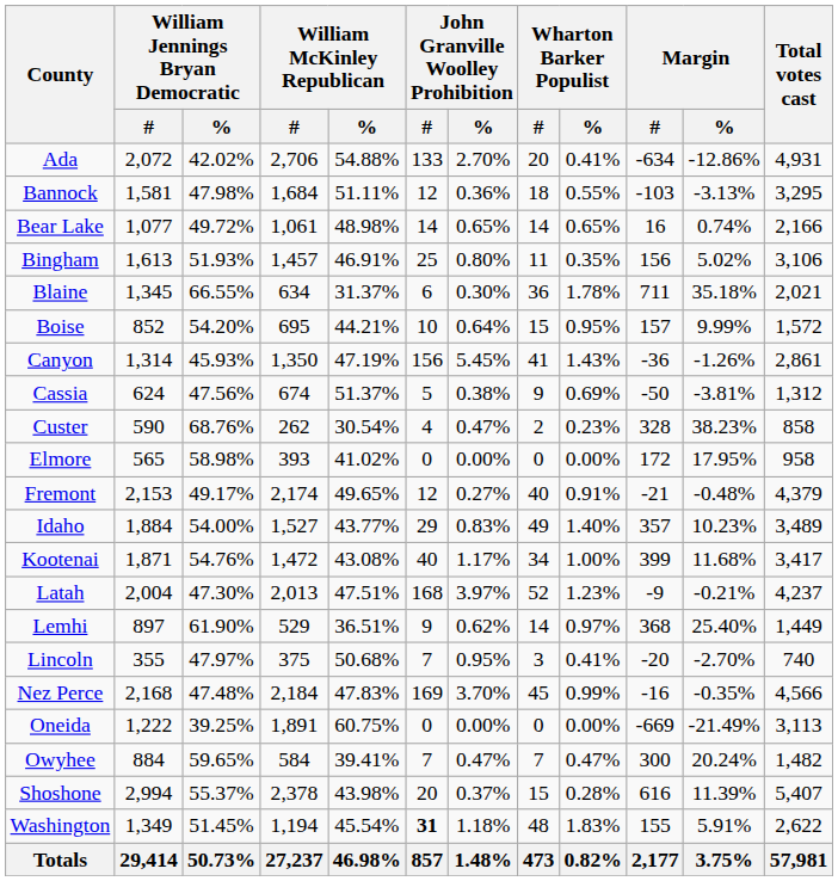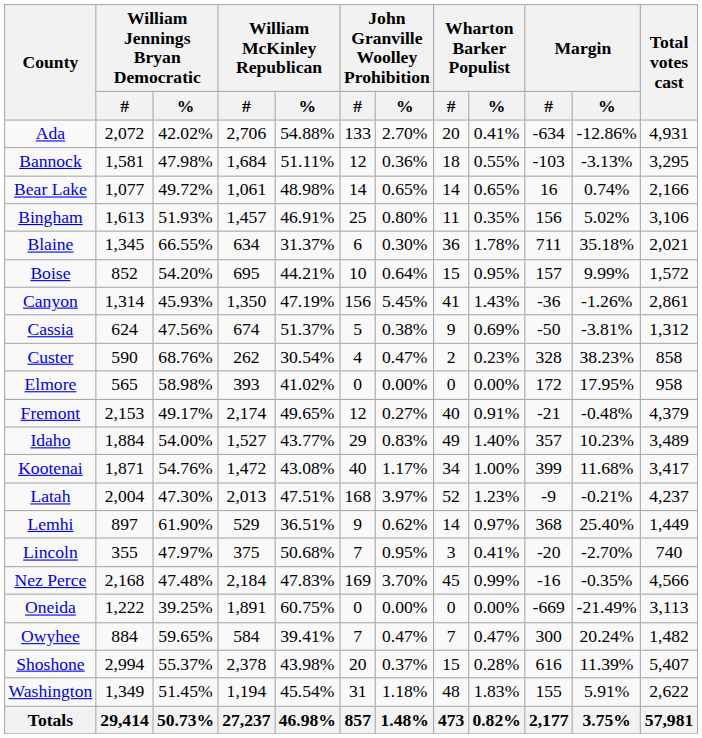 <table width="65%"  class="wikitable sortable" style="text-align:center">
 <tr>
 <th style="text-align:center;" rowspan="2">County</th>
 <th style="text-align:center;" colspan="2">William Jennings Bryan<br>Democratic</th>
 <th style="text-align:center;" colspan="2">William McKinley<br>Republican</th>
 <th style="text-align:center;" colspan="2">John Granville Woolley<br>Prohibition</th>
 <th style="text-align:center;" colspan="2">Wharton Barker<br>Populist</th>
 <th style="text-align:center;" colspan="2">Margin</th>
 <th style="text-align:center;" rowspan="2">Total votes cast</th>
 </tr>
 <tr>
 <th style="text-align:center;" data-sort-type="number">#</th>
 <th style="text-align:center;" data-sort-type="number">%</th>
 <th style="text-align:center;" data-sort-type="number">#</th>
 <th style="text-align:center;" data-sort-type="number">%</th>
 <th style="text-align:center;" data-sort-type="number">#</th>
 <th style="text-align:center;" data-sort-type="number">%</th>
 <th style="text-align:center;" data-sort-type="number">#</th>
 <th style="text-align:center;" data-sort-type="number">%</th>
 <th style="text-align:center;" data-sort-type="number">#</th>
 <th style="text-align:center;" data-sort-type="number">%</th>
 </tr>
 <tr style="text-align:center;">
 <td><a href='#'>Ada</a></td>
 <td>2,072</td>
 <td>42.02%</td>
 <td>2,706</td>
 <td>54.88%</td>
 <td>133</td>
 <td>2.70%</td>
 <td>20</td>
 <td>0.41%</td>
 <td>-634</td>
 <td>-12.86%</td>
 <td>4,931</td>
 </tr>
 <tr style="text-align:center;">
 <td><a href='#'>Bannock</a></td>
 <td>1,581</td>
 <td>47.98%</td>
 <td>1,684</td>
 <td>51.11%</td>
 <td>12</td>
 <td>0.36%</td>
 <td>18</td>
 <td>0.55%</td>
 <td>-103</td>
 <td>-3.13%</td>
 <td>3,295</td>
 </tr>
 <tr style="text-align:center;">
 <td><a href='#'>Bear Lake</a></td>
 <td>1,077</td>
 <td>49.72%</td>
 <td>1,061</td>
 <td>48.98%</td>
 <td>14</td>
 <td>0.65%</td>
 <td>14</td>
 <td>0.65%</td>
 <td>16</td>
 <td>0.74%</td>
 <td>2,166</td>
 </tr>
 <tr style="text-align:center;">
 <td><a href='#'>Bingham</a></td>
 <td>1,613</td>
 <td>51.93%</td>
 <td>1,457</td>
 <td>46.91%</td>
 <td>25</td>
 <td>0.80%</td>
 <td>11</td>
 <td>0.35%</td>
 <td>156</td>
 <td>5.02%</td>
 <td>3,106</td>
 </tr>
 <tr style="text-align:center;">
 <td><a href='#'>Blaine</a></td>
 <td>1,345</td>
 <td>66.55%</td>
 <td>634</td>
 <td>31.37%</td>
 <td>6</td>
 <td>0.30%</td>
 <td>36</td>
 <td>1.78%</td>
 <td>711</td>
 <td>35.18%</td>
 <td>2,021</td>
 </tr>
 <tr style="text-align:center;">
 <td><a href='#'>Boise</a></td>
 <td>852</td>
 <td>54.20%</td>
 <td>695</td>
 <td>44.21%</td>
 <td>10</td>
 <td>0.64%</td>
 <td>15</td>
 <td>0.95%</td>
 <td>157</td>
 <td>9.99%</td>
 <td>1,572</td>
 </tr>
 <tr style="text-align:center;">
 <td><a href='#'>Canyon</a></td>
 <td>1,314</td>
 <td>45.93%</td>
 <td>1,350</td>
 <td>47.19%</td>
 <td>156</td>
 <td>5.45%</td>
 <td>41</td>
 <td>1.43%</td>
 <td>-36</td>
 <td>-1.26%</td>
 <td>2,861</td>
 </tr>
 <tr style="text-align:center;">
 <td><a href='#'>Cassia</a></td>
 <td>624</td>
 <td>47.56%</td>
 <td>674</td>
 <td>51.37%</td>
 <td>5</td>
 <td>0.38%</td>
 <td>9</td>
 <td>0.69%</td>
 <td>-50</td>
 <td>-3.81%</td>
 <td>1,312</td>
 </tr>
 <tr style="text-align:center;">
 <td><a href='#'>Custer</a></td>
 <td>590</td>
 <td>68.76%</td>
 <td>262</td>
 <td>30.54%</td>
 <td>4</td>
 <td>0.47%</td>
 <td>2</td>
 <td>0.23%</td>
 <td>328</td>
 <td>38.23%</td>
 <td>858</td>
 </tr>
 <tr style="text-align:center;">
 <td><a href='#'>Elmore</a></td>
 <td>565</td>
 <td>58.98%</td>
 <td>393</td>
 <td>41.02%</td>
 <td>0</td>
 <td>0.00%</td>
 <td>0</td>
 <td>0.00%</td>
 <td>172</td>
 <td>17.95%</td>
 <td>958</td>
 </tr>
 <tr style="text-align:center;">
 <td><a href='#'>Fremont</a></td>
 <td>2,153</td>
 <td>49.17%</td>
 <td>2,174</td>
 <td>49.65%</td>
 <td>12</td>
 <td>0.27%</td>
 <td>40</td>
 <td>0.91%</td>
 <td>-21</td>
 <td>-0.48%</td>
 <td>4,379</td>
 </tr>
 <tr style="text-align:center;">
 <td><a href='#'>Idaho</a></td>
 <td>1,884</td>
 <td>54.00%</td>
 <td>1,527</td>
 <td>43.77%</td>
 <td>29</td>
 <td>0.83%</td>
 <td>49</td>
 <td>1.40%</td>
 <td>357</td>
 <td>10.23%</td>
 <td>3,489</td>
 </tr>
 <tr style="text-align:center;">
 <td><a href='#'>Kootenai</a></td>
 <td>1,871</td>
 <td>54.76%</td>
 <td>1,472</td>
 <td>43.08%</td>
 <td>40</td>
 <td>1.17%</td>
 <td>34</td>
 <td>1.00%</td>
 <td>399</td>
 <td>11.68%</td>
 <td>3,417</td>
 </tr>
 <tr style="text-align:center;">
 <td><a href='#'>Latah</a></td>
 <td>2,004</td>
 <td>47.30%</td>
 <td>2,013</td>
 <td>47.51%</td>
 <td>168</td>
 <td>3.97%</td>
 <td>52</td>
 <td>1.23%</td>
 <td>-9</td>
 <td>-0.21%</td>
 <td>4,237</td>
 </tr>
 <tr style="text-align:center;">
 <td><a href='#'>Lemhi</a></td>
 <td>897</td>
 <td>61.90%</td>
 <td>529</td>
 <td>36.51%</td>
 <td>9</td>
 <td>0.62%</td>
 <td>14</td>
 <td>0.97%</td>
 <td>368</td>
 <td>25.40%</td>
 <td>1,449</td>
 </tr>
 <tr style="text-align:center;">
 <td><a href='#'>Lincoln</a></td>
 <td>355</td>
 <td>47.97%</td>
 <td>375</td>
 <td>50.68%</td>
 <td>7</td>
 <td>0.95%</td>
 <td>3</td>
 <td>0.41%</td>
 <td>-20</td>
 <td>-2.70%</td>
 <td>740</td>
 </tr>
 <tr style="text-align:center;">
 <td><a href='#'>Nez Perce</a></td>
 <td>2,168</td>
 <td>47.48%</td>
 <td>2,184</td>
 <td>47.83%</td>
 <td>169</td>
 <td>3.70%</td>
 <td>45</td>
 <td>0.99%</td>
 <td>-16</td>
 <td>-0.35%</td>
 <td>4,566</td>
 </tr>
 <tr style="text-align:center;">
 <td><a href='#'>Oneida</a></td>
 <td>1,222</td>
 <td>39.25%</td>
 <td>1,891</td>
 <td>60.75%</td>
 <td>0</td>
 <td>0.00%</td>
 <td>0</td>
 <td>0.00%</td>
 <td>-669</td>
 <td>-21.49%</td>
 <td>3,113</td>
 </tr>
 <tr style="text-align:center;">
 <td><a href='#'>Owyhee</a></td>
 <td>884</td>
 <td>59.65%</td>
 <td>584</td>
 <td>39.41%</td>
 <td>7</td>
 <td>0.47%</td>
 <td>7</td>
 <td>0.47%</td>
 <td>300</td>
 <td>20.24%</td>
 <td>1,482</td>
 </tr>
 <tr style="text-align:center;">
 <td><a href='#'>Shoshone</a></td>
 <td>2,994</td>
 <td>55.37%</td>
 <td>2,378</td>
 <td>43.98%</td>
 <td>20</td>
 <td>0.37%</td>
 <td>15</td>
 <td>0.28%</td>
 <td>616</td>
 <td>11.39%</td>
 <td>5,407</td>
 </tr>
 <tr style="text-align:center;">
 <td><a href='#'>Washington</a></td>
 <td>1,349</td>
 <td>51.45%</td>
 <td>1,194</td>
 <td>45.54%</td>
-<td><strong>31</strong></td>
+<td>31</td>
 <td>1.18%</td>
 <td>48</td>
 <td>1.83%</td>
 <td>155</td>
 <td>5.91%</td>
 <td>2,622</td>
 </tr>
 <tr style="text-align:center;">
 <th>Totals</th>
 <th>29,414</th>
 <th>50.73%</th>
 <th>27,237</th>
 <th>46.98%</th>
 <th>857</th>
 <th>1.48%</th>
 <th>473</th>
 <th>0.82%</th>
 <th>2,177</th>
 <th>3.75%</th>
 <th>57,981</th>
 </tr>
 </table>
